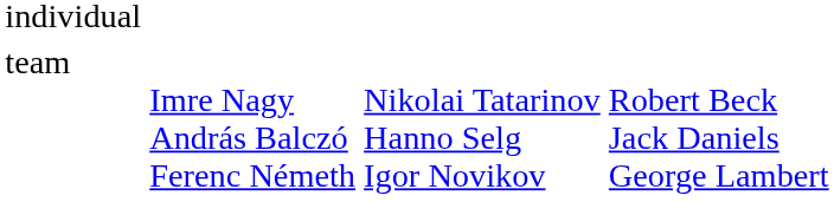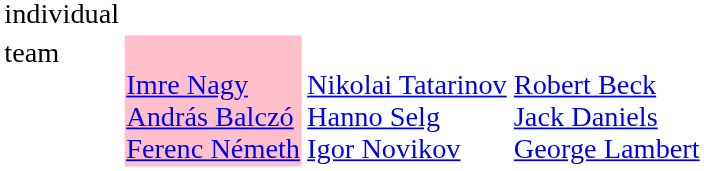 <table>
 <tr>
 <td>individual<br></td>
 <td></td>
 <td></td>
 <td></td>
 </tr>
 <tr valign="top">
 <td>team<br></td>
-<td><br><a href='#'>Imre Nagy</a><br><a href='#'>András Balczó</a><br><a href='#'>Ferenc Németh</a></td>
+<td style="background: pink;"><br><a href='#'>Imre Nagy</a><br><a href='#'>András Balczó</a><br><a href='#'>Ferenc Németh</a></td>
 <td><br><a href='#'>Nikolai Tatarinov</a><br><a href='#'>Hanno Selg</a><br><a href='#'>Igor Novikov</a></td>
 <td><br><a href='#'>Robert Beck</a><br><a href='#'>Jack Daniels</a><br><a href='#'>George Lambert</a></td>
 </tr>
 </table>
